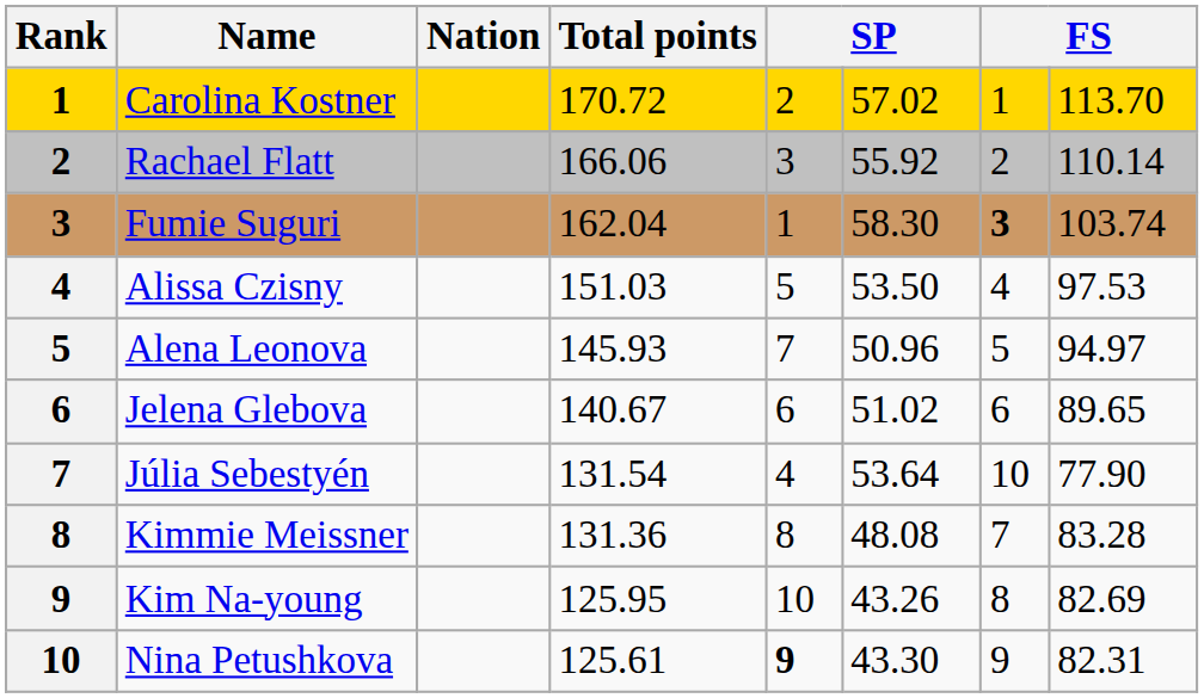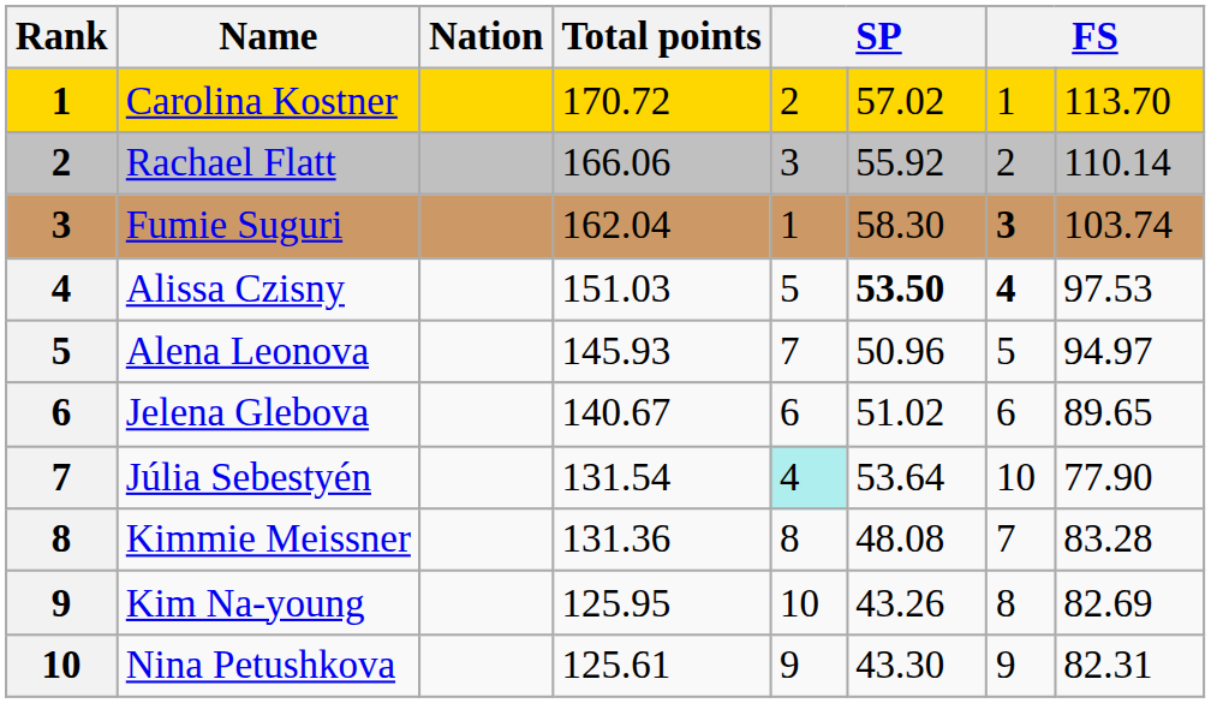 <table class="wikitable">
 <tr>
 <th>Rank</th>
 <th>Name</th>
 <th>Nation</th>
 <th>Total points</th>
 <th colspan="2" width="80px"><a href='#'>SP</a></th>
 <th colspan="2" width="80px"><a href='#'>FS</a></th>
 </tr>
 <tr bgcolor="gold">
 <td align="center"><strong>1</strong></td>
 <td><a href='#'>Carolina Kostner</a></td>
 <td></td>
 <td>170.72</td>
 <td>2</td>
 <td>57.02</td>
 <td>1</td>
 <td>113.70</td>
 </tr>
 <tr bgcolor="silver">
 <td align="center"><strong>2</strong></td>
 <td><a href='#'>Rachael Flatt</a></td>
 <td></td>
 <td>166.06</td>
 <td>3</td>
 <td>55.92</td>
 <td>2</td>
 <td>110.14</td>
 </tr>
 <tr bgcolor="cc9966">
 <td align="center"><strong>3</strong></td>
 <td><a href='#'>Fumie Suguri</a></td>
 <td></td>
 <td>162.04</td>
 <td>1</td>
 <td>58.30</td>
 <td><strong>3</strong></td>
 <td>103.74</td>
 </tr>
 <tr>
 <th>4</th>
 <td><a href='#'>Alissa Czisny</a></td>
 <td></td>
 <td>151.03</td>
 <td>5</td>
-<td>53.50</td>
-<td>4</td>
+<td><strong>53.50</strong></td>
+<td><strong>4</strong></td>
 <td>97.53</td>
 </tr>
 <tr>
 <th>5</th>
 <td><a href='#'>Alena Leonova</a></td>
 <td></td>
 <td>145.93</td>
 <td>7</td>
 <td>50.96</td>
 <td>5</td>
 <td>94.97</td>
 </tr>
 <tr>
 <th>6</th>
 <td><a href='#'>Jelena Glebova</a></td>
 <td></td>
 <td>140.67</td>
 <td>6</td>
 <td>51.02</td>
 <td>6</td>
 <td>89.65</td>
 </tr>
 <tr>
 <th>7</th>
 <td><a href='#'>Júlia Sebestyén</a></td>
 <td></td>
 <td>131.54</td>
-<td>4</td>
+<td style="background: paleturquoise;">4</td>
 <td>53.64</td>
 <td>10</td>
 <td>77.90</td>
 </tr>
 <tr>
 <th>8</th>
 <td><a href='#'>Kimmie Meissner</a></td>
 <td></td>
 <td>131.36</td>
 <td>8</td>
 <td>48.08</td>
 <td>7</td>
 <td>83.28</td>
 </tr>
 <tr>
 <th>9</th>
 <td><a href='#'>Kim Na-young</a></td>
 <td></td>
 <td>125.95</td>
 <td>10</td>
 <td>43.26</td>
 <td>8</td>
 <td>82.69</td>
 </tr>
 <tr>
 <th>10</th>
 <td><a href='#'>Nina Petushkova</a></td>
 <td></td>
 <td>125.61</td>
-<td><strong>9</strong></td>
+<td>9</td>
 <td>43.30</td>
 <td>9</td>
 <td>82.31</td>
 </tr>
 </table>
